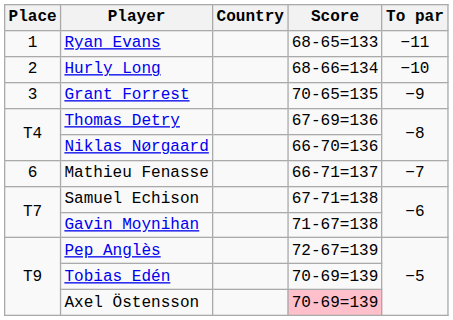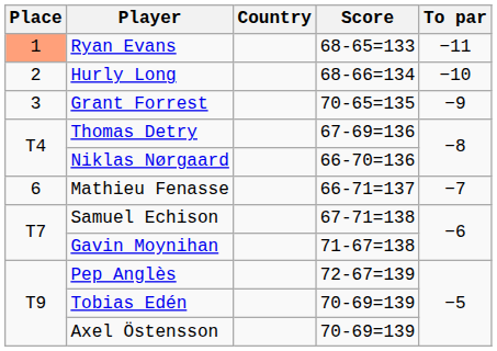 <table class="wikitable" style="font-size:95%;">
 <tr>
 <th>Place</th>
 <th>Player</th>
 <th>Country</th>
 <th>Score</th>
 <th>To par</th>
 </tr>
 <tr>
-<td align=center>1</td>
+<td align=center style="background: lightsalmon;">1</td>
 <td><a href='#'>Ryan Evans</a></td>
 <td></td>
 <td align=center>68-65=133</td>
 <td align=center>−11</td>
 </tr>
 <tr>
 <td align="center">2</td>
 <td><a href='#'>Hurly Long</a></td>
 <td></td>
 <td align="center">68-66=134</td>
 <td align="center">−10</td>
 </tr>
 <tr>
 <td align="center">3</td>
 <td><a href='#'>Grant Forrest</a></td>
 <td></td>
 <td align="center">70-65=135</td>
 <td align="center">−9</td>
 </tr>
 <tr>
 <td rowspan="2" align="center">T4</td>
 <td><a href='#'>Thomas Detry</a></td>
 <td></td>
 <td align="center">67-69=136</td>
 <td rowspan="2" align="center">−8</td>
 </tr>
 <tr>
 <td><a href='#'>Niklas Nørgaard</a></td>
 <td></td>
 <td align=center>66-70=136</td>
 </tr>
 <tr>
 <td align=center>6</td>
 <td>Mathieu Fenasse</td>
 <td></td>
 <td align=center>66-71=137</td>
 <td align=center>−7</td>
 </tr>
 <tr>
 <td rowspan="2" align=center>T7</td>
 <td>Samuel Echison</td>
 <td></td>
 <td align=center>67-71=138</td>
 <td rowspan="2" align=center>−6</td>
 </tr>
 <tr>
 <td><a href='#'>Gavin Moynihan</a></td>
 <td></td>
 <td align=center>71-67=138</td>
 </tr>
 <tr>
 <td rowspan="3" align=center>T9</td>
 <td><a href='#'>Pep Anglès</a></td>
 <td></td>
 <td align=center>72-67=139</td>
 <td rowspan="3" align=center>−5</td>
 </tr>
 <tr>
 <td><a href='#'>Tobias Edén</a></td>
 <td></td>
 <td align=center>70-69=139</td>
 </tr>
 <tr>
 <td>Axel Östensson</td>
 <td></td>
-<td align=center style="background: pink;">70-69=139</td>
+<td align=center>70-69=139</td>
 </tr>
 </table>
